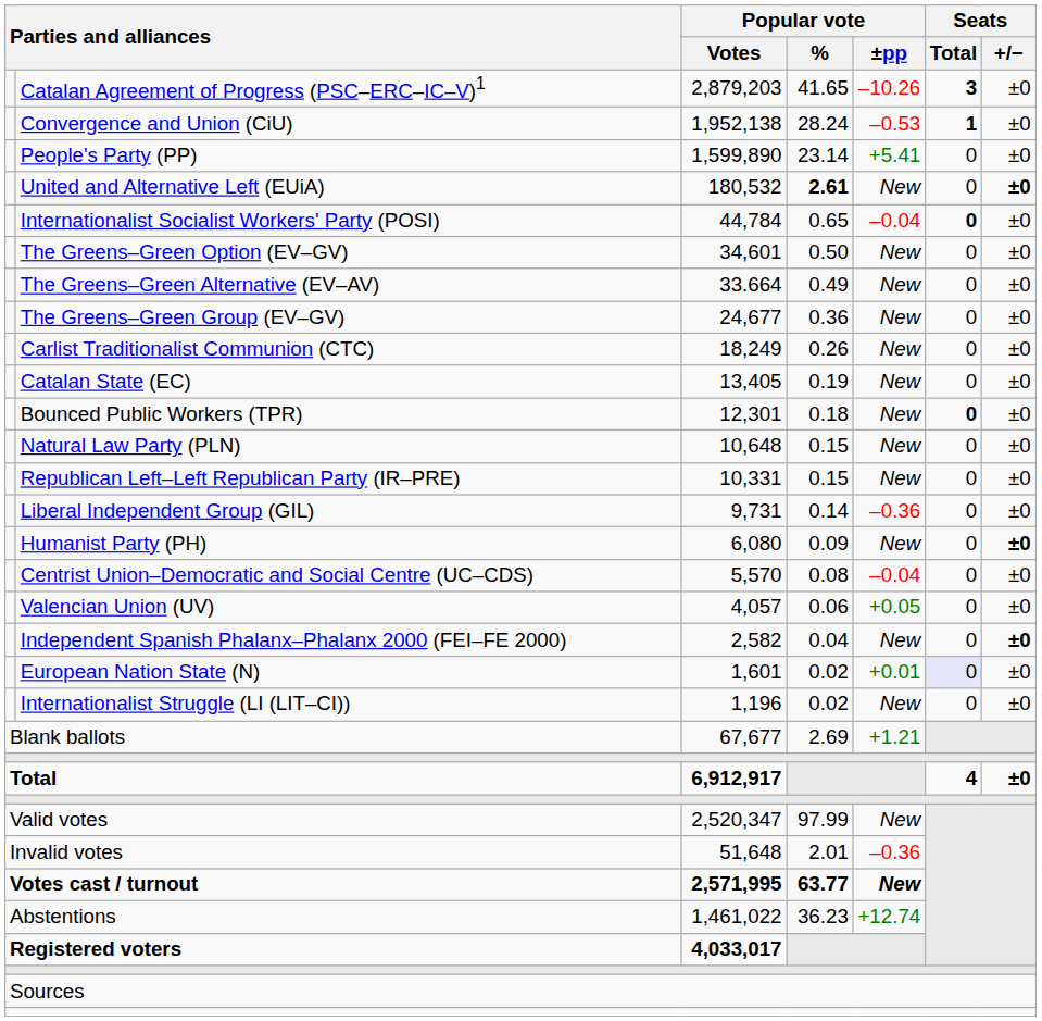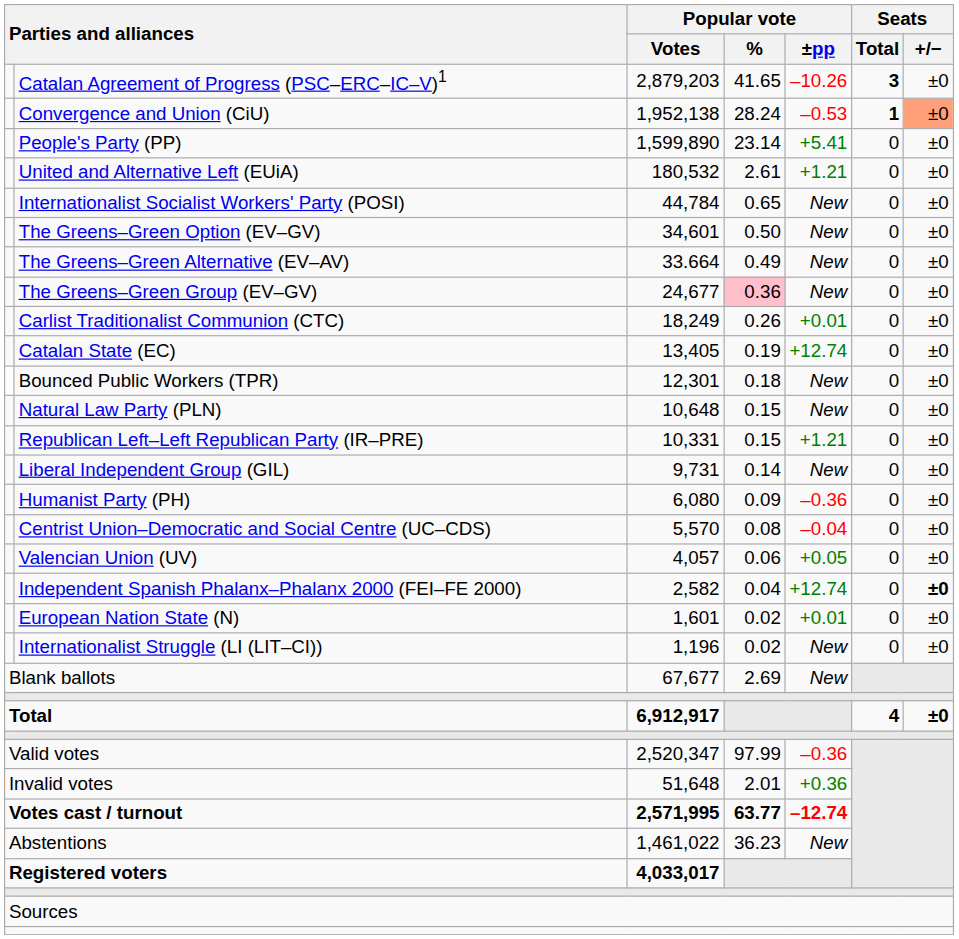 <table class="wikitable" style="text-align:right;">
 <tr>
 <th style="text-align:left;" rowspan="2" colspan="2" width="525">Parties and alliances</th>
 <th colspan="3">Popular vote</th>
 <th colspan="2">Seats</th>
 </tr>
 <tr>
 <th width="75">Votes</th>
 <th width="45">%</th>
 <th width="45">±<a href='#'>pp</a></th>
 <th width="35">Total</th>
 <th width="35">+/−</th>
 </tr>
 <tr>
 <td width="1" style="color:inherit;background:"></td>
 <td align="left"><a href='#'>Catalan Agreement of Progress</a> (<a href='#'>PSC</a>–<a href='#'>ERC</a>–<a href='#'>IC–V</a>)<sup>1</sup></td>
 <td>2,879,203</td>
 <td>41.65</td>
 <td style="color:red;">–10.26</td>
 <td><strong>3</strong></td>
 <td>±0</td>
 </tr>
 <tr>
 <td style="color:inherit;background:"></td>
 <td align="left"><a href='#'>Convergence and Union</a> (CiU)</td>
 <td>1,952,138</td>
 <td>28.24</td>
 <td style="color:red;">–0.53</td>
 <td><strong>1</strong></td>
-<td>±0</td>
+<td style="background: lightsalmon;">±0</td>
 </tr>
 <tr>
 <td style="color:inherit;background:"></td>
 <td align="left"><a href='#'>People's Party</a> (PP)</td>
 <td>1,599,890</td>
 <td>23.14</td>
 <td style="color:green;">+5.41</td>
 <td>0</td>
 <td>±0</td>
 </tr>
 <tr>
 <td style="color:inherit;background:"></td>
 <td align="left"><a href='#'>United and Alternative Left</a> (EUiA)</td>
 <td>180,532</td>
-<td><strong>2.61</strong></td>
-<td><em>New</em></td>
+<td>2.61</td>
+<td style="color:green;">+1.21</td>
 <td>0</td>
-<td><strong>±0</strong></td>
+<td>±0</td>
 </tr>
 <tr>
 <td style="color:inherit;background:"></td>
 <td align="left"><a href='#'>Internationalist Socialist Workers' Party</a> (POSI)</td>
 <td>44,784</td>
 <td>0.65</td>
-<td style="color:red;">–0.04</td>
-<td><strong>0</strong></td>
+<td><em>New</em></td>
+<td>0</td>
 <td>±0</td>
 </tr>
 <tr>
 <td style="color:inherit;background:"></td>
 <td align="left"><a href='#'>The Greens–Green Option</a> (EV–GV)</td>
 <td>34,601</td>
 <td>0.50</td>
 <td><em>New</em></td>
 <td>0</td>
 <td>±0</td>
 </tr>
 <tr>
 <td style="color:inherit;background:"></td>
 <td align="left"><a href='#'>The Greens–Green Alternative</a> (EV–AV)</td>
 <td>33.664</td>
 <td>0.49</td>
 <td><em>New</em></td>
 <td>0</td>
 <td>±0</td>
 </tr>
 <tr>
 <td style="color:inherit;background:"></td>
 <td align="left"><a href='#'>The Greens–Green Group</a> (EV–GV)</td>
 <td>24,677</td>
-<td>0.36</td>
+<td style="background: pink;">0.36</td>
 <td><em>New</em></td>
 <td>0</td>
 <td>±0</td>
 </tr>
 <tr>
 <td style="color:inherit;background:"></td>
 <td align="left"><a href='#'>Carlist Traditionalist Communion</a> (CTC)</td>
 <td>18,249</td>
 <td>0.26</td>
-<td><em>New</em></td>
+<td style="color:green;">+0.01</td>
 <td>0</td>
 <td>±0</td>
 </tr>
 <tr>
 <td style="color:inherit;background:"></td>
 <td align="left"><a href='#'>Catalan State</a> (EC)</td>
 <td>13,405</td>
 <td>0.19</td>
-<td><em>New</em></td>
+<td style="color:green;">+12.74</td>
 <td>0</td>
 <td>±0</td>
 </tr>
 <tr>
 <td bgcolor="white"></td>
 <td align="left">Bounced Public Workers (TPR)</td>
 <td>12,301</td>
 <td>0.18</td>
 <td><em>New</em></td>
-<td><strong>0</strong></td>
+<td>0</td>
 <td>±0</td>
 </tr>
 <tr>
 <td style="color:inherit;background:"></td>
 <td align="left"><a href='#'>Natural Law Party</a> (PLN)</td>
 <td>10,648</td>
 <td>0.15</td>
 <td><em>New</em></td>
 <td>0</td>
 <td>±0</td>
 </tr>
 <tr>
 <td style="color:inherit;background:"></td>
 <td align="left"><a href='#'>Republican Left–Left Republican Party</a> (IR–PRE)</td>
 <td>10,331</td>
 <td>0.15</td>
-<td><em>New</em></td>
+<td style="color:green;">+1.21</td>
 <td>0</td>
 <td>±0</td>
 </tr>
 <tr>
 <td style="color:inherit;background:"></td>
 <td align="left"><a href='#'>Liberal Independent Group</a> (GIL)</td>
 <td>9,731</td>
 <td>0.14</td>
-<td style="color:red;">–0.36</td>
+<td><em>New</em></td>
 <td>0</td>
 <td>±0</td>
 </tr>
 <tr>
 <td style="color:inherit;background:"></td>
 <td align="left"><a href='#'>Humanist Party</a> (PH)</td>
 <td>6,080</td>
 <td>0.09</td>
-<td><em>New</em></td>
+<td style="color:red;">–0.36</td>
 <td>0</td>
-<td><strong>±0</strong></td>
+<td>±0</td>
 </tr>
 <tr>
 <td style="color:inherit;background:"></td>
 <td align="left"><a href='#'>Centrist Union–Democratic and Social Centre</a> (UC–CDS)</td>
 <td>5,570</td>
 <td>0.08</td>
 <td style="color:red;">–0.04</td>
 <td>0</td>
 <td>±0</td>
 </tr>
 <tr>
 <td style="color:inherit;background:"></td>
 <td align="left"><a href='#'>Valencian Union</a> (UV)</td>
 <td>4,057</td>
 <td>0.06</td>
 <td style="color:green;">+0.05</td>
 <td>0</td>
 <td>±0</td>
 </tr>
 <tr>
 <td style="color:inherit;background:"></td>
 <td align="left"><a href='#'>Independent Spanish Phalanx–Phalanx 2000</a> (FEI–FE 2000)</td>
 <td>2,582</td>
 <td>0.04</td>
-<td><em>New</em></td>
+<td style="color:green;">+12.74</td>
 <td>0</td>
 <td><strong>±0</strong></td>
 </tr>
 <tr>
 <td style="color:inherit;background:"></td>
 <td align="left"><a href='#'>European Nation State</a> (N)</td>
 <td>1,601</td>
 <td>0.02</td>
 <td style="color:green;">+0.01</td>
-<td style="background: lavender;">0</td>
+<td>0</td>
 <td>±0</td>
 </tr>
 <tr>
 <td style="color:inherit;background:"></td>
 <td align="left"><a href='#'>Internationalist Struggle</a> (LI (LIT–CI))</td>
 <td>1,196</td>
 <td>0.02</td>
 <td><em>New</em></td>
 <td>0</td>
 <td>±0</td>
 </tr>
 <tr>
 <td align="left" colspan="2">Blank ballots</td>
 <td>67,677</td>
 <td>2.69</td>
-<td style="color:green;">+1.21</td>
+<td><em>New</em></td>
 <td bgcolor="#E9E9E9" colspan="2"></td>
 </tr>
 <tr>
 <td colspan="7" bgcolor="#E9E9E9"></td>
 </tr>
 <tr style="font-weight:bold;">
 <td align="left" colspan="2">Total</td>
 <td>6,912,917</td>
 <td bgcolor="#E9E9E9" colspan="2"></td>
 <td>4</td>
 <td>±0</td>
 </tr>
 <tr>
 <td colspan="7" bgcolor="#E9E9E9"></td>
 </tr>
 <tr>
 <td align="left" colspan="2">Valid votes</td>
 <td>2,520,347</td>
 <td>97.99</td>
-<td><em>New</em></td>
+<td style="color:red;">–0.36</td>
 <td bgcolor="#E9E9E9" colspan="2" rowspan="5"></td>
 </tr>
 <tr>
 <td align="left" colspan="2">Invalid votes</td>
 <td>51,648</td>
 <td>2.01</td>
-<td style="color:red;">–0.36</td>
+<td style="color:green;">+0.36</td>
 </tr>
 <tr style="font-weight:bold;">
 <td align="left" colspan="2">Votes cast / turnout</td>
 <td>2,571,995</td>
 <td>63.77</td>
-<td><em>New</em></td>
+<td style="color:red;">–12.74</td>
 </tr>
 <tr>
 <td align="left" colspan="2">Abstentions</td>
 <td>1,461,022</td>
 <td>36.23</td>
-<td style="color:green;">+12.74</td>
+<td><em>New</em></td>
 </tr>
 <tr style="font-weight:bold;">
 <td align="left" colspan="2">Registered voters</td>
 <td>4,033,017</td>
 <td bgcolor="#E9E9E9" colspan="2"></td>
 </tr>
 <tr>
 <td colspan="7" bgcolor="#E9E9E9"></td>
 </tr>
 <tr>
 <td align="left" colspan="7">Sources</td>
 </tr>
 <tr>
 <td colspan="7" style="text-align:left; max-width:790px;"></td>
 </tr>
 </table>
